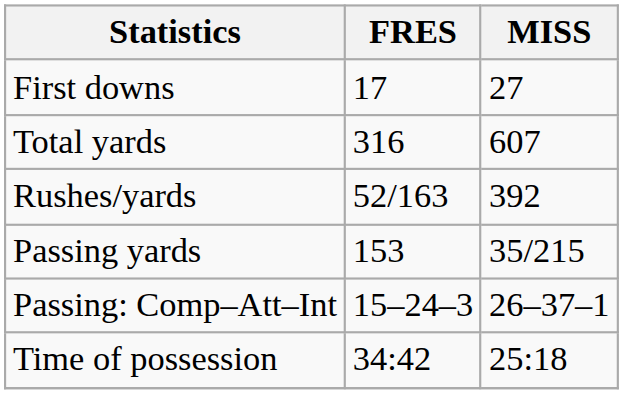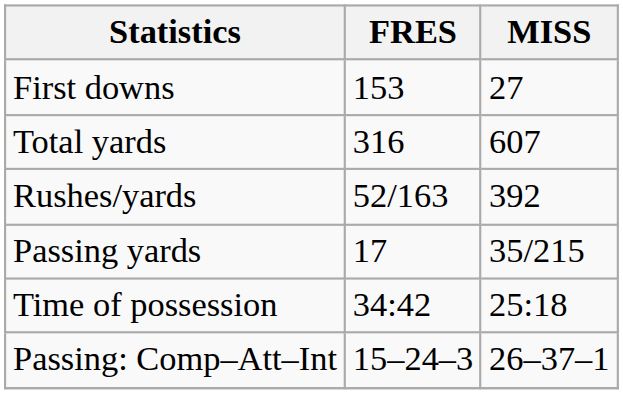 <table class="wikitable" style="float: left;">
 <tr>
 <th>Statistics</th>
 <th>FRES</th>
 <th>MISS</th>
 </tr>
 <tr>
 <td>First downs</td>
-<td>17</td>
+<td>153</td>
 <td>27</td>
 </tr>
 <tr>
 <td>Total yards</td>
 <td>316</td>
 <td>607</td>
 </tr>
 <tr>
 <td>Rushes/yards</td>
 <td>52/163</td>
 <td>392</td>
 </tr>
 <tr>
 <td>Passing yards</td>
-<td>153</td>
+<td>17</td>
 <td>35/215</td>
+</tr>
+<tr>
+<td>Time of possession</td>
+<td>34:42</td>
+<td>25:18</td>
 </tr>
 <tr>
 <td>Passing: Comp–Att–Int</td>
 <td>15–24–3</td>
 <td>26–37–1</td>
 </tr>
 <tr>
-<td>Time of possession</td>
-<td>34:42</td>
-<td>25:18</td>
-</tr>
-<tr>
 </tr>
 </table>
